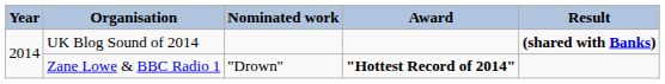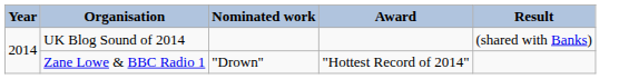 <table class="wikitable">
 <tr>
 <th style="background:#B0C4DE;">Year</th>
 <th style="background:#B0C4DE;">Organisation</th>
 <th style="background:#B0C4DE;">Nominated work</th>
 <th style="background:#B0C4DE;">Award</th>
 <th style="background:#B0C4DE;">Result</th>
 </tr>
 <tr>
 <td rowspan="2">2014</td>
 <td>UK Blog Sound of 2014</td>
 <td></td>
 <td></td>
-<td><strong> (shared with <a href='#'>Banks</a>)</strong></td>
+<td> (shared with <a href='#'>Banks</a>)</td>
 </tr>
 <tr>
 <td><a href='#'>Zane Lowe</a> & <a href='#'>BBC Radio 1</a></td>
 <td>"Drown"</td>
-<td><strong>"Hottest Record of 2014"</strong></td>
+<td>"Hottest Record of 2014"</td>
 <td></td>
 </tr>
 </table>
